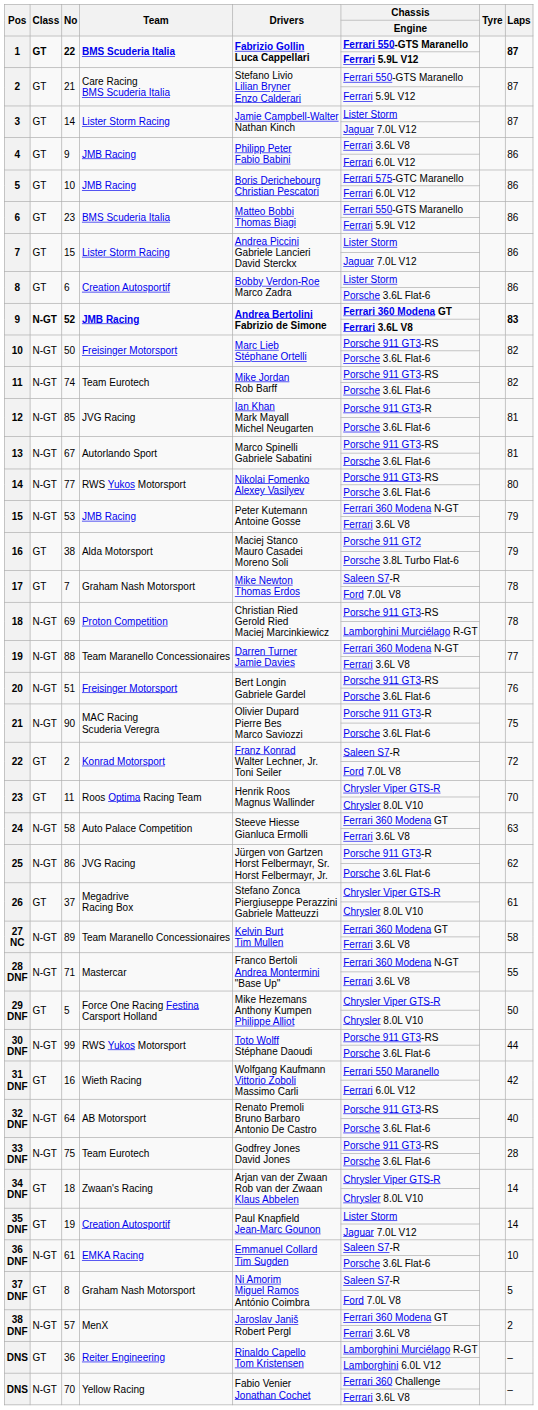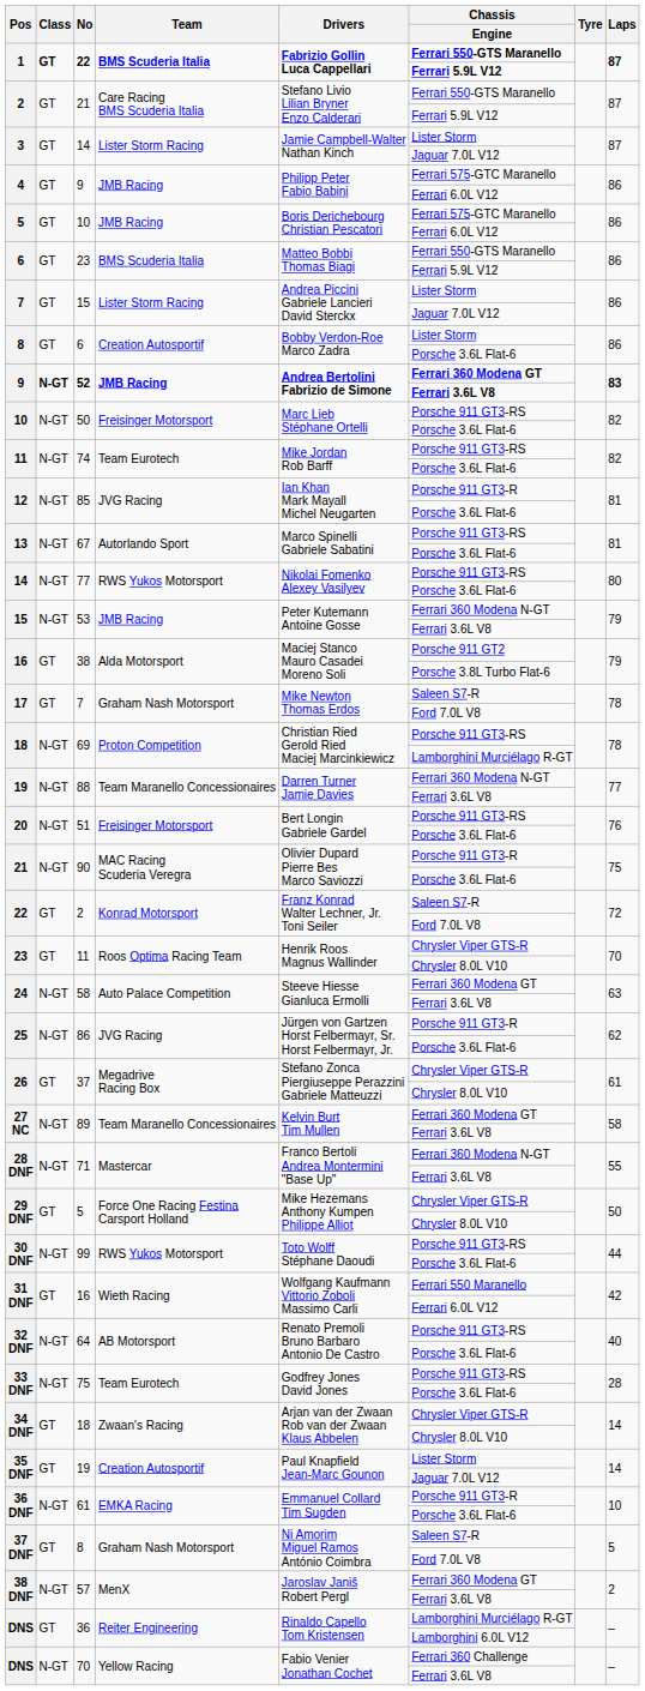 <table class="wikitable" style="font-size: 95%;">
 <tr>
 <th rowspan=2>Pos</th>
 <th rowspan=2>Class</th>
 <th rowspan=2>No</th>
 <th rowspan=2>Team</th>
 <th rowspan=2>Drivers</th>
 <th>Chassis</th>
 <th rowspan=2>Tyre</th>
 <th rowspan=2>Laps</th>
 </tr>
 <tr>
 <th>Engine</th>
 </tr>
 <tr style="font-weight:bold">
 <th rowspan=2>1</th>
 <td rowspan=2>GT</td>
 <td rowspan=2>22</td>
 <td rowspan=2> <a href='#'>BMS Scuderia Italia</a></td>
 <td rowspan=2> <a href='#'>Fabrizio Gollin</a><br> Luca Cappellari</td>
 <td><a href='#'>Ferrari 550</a>-GTS Maranello</td>
 <td rowspan=2></td>
 <td rowspan=2>87</td>
 </tr>
 <tr style="font-weight:bold">
 <td><a href='#'>Ferrari</a> 5.9L V12</td>
 </tr>
 <tr>
 <th rowspan=2>2</th>
 <td rowspan=2>GT</td>
 <td rowspan=2>21</td>
 <td rowspan=2> Care Racing<br> <a href='#'>BMS Scuderia Italia</a></td>
 <td rowspan=2> Stefano Livio<br> <a href='#'>Lilian Bryner</a><br> <a href='#'>Enzo Calderari</a></td>
 <td><a href='#'>Ferrari 550</a>-GTS Maranello</td>
 <td rowspan=2></td>
 <td rowspan=2>87</td>
 </tr>
 <tr>
 <td><a href='#'>Ferrari</a> 5.9L V12</td>
 </tr>
 <tr>
 <th rowspan=2>3</th>
 <td rowspan=2>GT</td>
 <td rowspan=2>14</td>
 <td rowspan=2> <a href='#'>Lister Storm Racing</a></td>
 <td rowspan=2> <a href='#'>Jamie Campbell-Walter</a><br> Nathan Kinch</td>
 <td><a href='#'>Lister Storm</a></td>
 <td rowspan=2></td>
 <td rowspan=2>87</td>
 </tr>
 <tr>
 <td><a href='#'>Jaguar</a> 7.0L V12</td>
 </tr>
 <tr>
 <th rowspan=2>4</th>
 <td rowspan=2>GT</td>
 <td rowspan=2>9</td>
 <td rowspan=2> <a href='#'>JMB Racing</a></td>
 <td rowspan=2> <a href='#'>Philipp Peter</a><br> <a href='#'>Fabio Babini</a></td>
-<td><a href='#'>Ferrari</a> 3.6L V8</td>
+<td><a href='#'>Ferrari 575</a>-GTC Maranello</td>
 <td rowspan=2></td>
 <td rowspan=2>86</td>
 </tr>
 <tr>
 <td><a href='#'>Ferrari</a> 6.0L V12</td>
 </tr>
 <tr>
 <th rowspan=2>5</th>
 <td rowspan=2>GT</td>
 <td rowspan=2>10</td>
 <td rowspan=2> <a href='#'>JMB Racing</a></td>
 <td rowspan=2> <a href='#'>Boris Derichebourg</a><br> <a href='#'>Christian Pescatori</a></td>
 <td><a href='#'>Ferrari 575</a>-GTC Maranello</td>
 <td rowspan=2></td>
 <td rowspan=2>86</td>
 </tr>
 <tr>
 <td><a href='#'>Ferrari</a> 6.0L V12</td>
 </tr>
 <tr>
 <th rowspan=2>6</th>
 <td rowspan=2>GT</td>
 <td rowspan=2>23</td>
 <td rowspan=2> <a href='#'>BMS Scuderia Italia</a></td>
 <td rowspan=2> <a href='#'>Matteo Bobbi</a><br> <a href='#'>Thomas Biagi</a></td>
 <td><a href='#'>Ferrari 550</a>-GTS Maranello</td>
 <td rowspan=2></td>
 <td rowspan=2>86</td>
 </tr>
 <tr>
 <td><a href='#'>Ferrari</a> 5.9L V12</td>
 </tr>
 <tr>
 <th rowspan=2>7</th>
 <td rowspan=2>GT</td>
 <td rowspan=2>15</td>
 <td rowspan=2> <a href='#'>Lister Storm Racing</a></td>
 <td rowspan=2> <a href='#'>Andrea Piccini</a><br> Gabriele Lancieri<br> David Sterckx</td>
 <td><a href='#'>Lister Storm</a></td>
 <td rowspan=2></td>
 <td rowspan=2>86</td>
 </tr>
 <tr>
 <td><a href='#'>Jaguar</a> 7.0L V12</td>
 </tr>
 <tr>
 <th rowspan=2>8</th>
 <td rowspan=2>GT</td>
 <td rowspan=2>6</td>
 <td rowspan=2> <a href='#'>Creation Autosportif</a></td>
 <td rowspan=2> <a href='#'>Bobby Verdon-Roe</a><br> Marco Zadra</td>
 <td><a href='#'>Lister Storm</a></td>
 <td rowspan=2></td>
 <td rowspan=2>86</td>
 </tr>
 <tr>
 <td><a href='#'>Porsche</a> 3.6L Flat-6</td>
 </tr>
 <tr style="font-weight:bold">
 <th rowspan=2>9</th>
 <td rowspan=2>N-GT</td>
 <td rowspan=2>52</td>
 <td rowspan=2> <a href='#'>JMB Racing</a></td>
 <td rowspan=2> <a href='#'>Andrea Bertolini</a><br> Fabrizio de Simone</td>
 <td><a href='#'>Ferrari 360 Modena</a> GT</td>
 <td rowspan=2></td>
 <td rowspan=2>83</td>
 </tr>
 <tr style="font-weight:bold">
 <td><a href='#'>Ferrari</a> 3.6L V8</td>
 </tr>
 <tr>
 <th rowspan=2>10</th>
 <td rowspan=2>N-GT</td>
 <td rowspan=2>50</td>
 <td rowspan=2> <a href='#'>Freisinger Motorsport</a></td>
 <td rowspan=2> <a href='#'>Marc Lieb</a><br> <a href='#'>Stéphane Ortelli</a></td>
 <td><a href='#'>Porsche 911 GT3</a>-RS</td>
 <td rowspan=2></td>
 <td rowspan=2>82</td>
 </tr>
 <tr>
 <td><a href='#'>Porsche</a> 3.6L Flat-6</td>
 </tr>
 <tr>
 <th rowspan=2>11</th>
 <td rowspan=2>N-GT</td>
 <td rowspan=2>74</td>
 <td rowspan=2> Team Eurotech</td>
 <td rowspan=2> <a href='#'>Mike Jordan</a><br> Rob Barff</td>
 <td><a href='#'>Porsche 911 GT3</a>-RS</td>
 <td rowspan=2></td>
 <td rowspan=2>82</td>
 </tr>
 <tr>
 <td><a href='#'>Porsche</a> 3.6L Flat-6</td>
 </tr>
 <tr>
 <th rowspan=2>12</th>
 <td rowspan=2>N-GT</td>
 <td rowspan=2>85</td>
 <td rowspan=2> JVG Racing</td>
 <td rowspan=2> <a href='#'>Ian Khan</a><br> Mark Mayall<br> Michel Neugarten</td>
 <td><a href='#'>Porsche 911 GT3</a>-R</td>
 <td rowspan=2></td>
 <td rowspan=2>81</td>
 </tr>
 <tr>
 <td><a href='#'>Porsche</a> 3.6L Flat-6</td>
 </tr>
 <tr>
 <th rowspan=2>13</th>
 <td rowspan=2>N-GT</td>
 <td rowspan=2>67</td>
 <td rowspan=2> Autorlando Sport</td>
 <td rowspan=2> Marco Spinelli<br> Gabriele Sabatini</td>
 <td><a href='#'>Porsche 911 GT3</a>-RS</td>
 <td rowspan=2></td>
 <td rowspan=2>81</td>
 </tr>
 <tr>
 <td><a href='#'>Porsche</a> 3.6L Flat-6</td>
 </tr>
 <tr>
 <th rowspan=2>14</th>
 <td rowspan=2>N-GT</td>
 <td rowspan=2>77</td>
 <td rowspan=2> RWS <a href='#'>Yukos</a> Motorsport</td>
 <td rowspan=2> <a href='#'>Nikolai Fomenko</a><br> <a href='#'>Alexey Vasilyev</a></td>
 <td><a href='#'>Porsche 911 GT3</a>-RS</td>
 <td rowspan=2></td>
 <td rowspan=2>80</td>
 </tr>
 <tr>
 <td><a href='#'>Porsche</a> 3.6L Flat-6</td>
 </tr>
 <tr>
 <th rowspan=2>15</th>
 <td rowspan=2>N-GT</td>
 <td rowspan=2>53</td>
 <td rowspan=2> <a href='#'>JMB Racing</a></td>
 <td rowspan=2> Peter Kutemann<br> Antoine Gosse</td>
 <td><a href='#'>Ferrari 360 Modena</a> N-GT</td>
 <td rowspan=2></td>
 <td rowspan=2>79</td>
 </tr>
 <tr>
 <td><a href='#'>Ferrari</a> 3.6L V8</td>
 </tr>
 <tr>
 <th rowspan=2>16</th>
 <td rowspan=2>GT</td>
 <td rowspan=2>38</td>
 <td rowspan=2> Alda Motorsport</td>
 <td rowspan=2> Maciej Stanco<br> Mauro Casadei<br> Moreno Soli</td>
 <td><a href='#'>Porsche 911 GT2</a></td>
 <td rowspan=2></td>
 <td rowspan=2>79</td>
 </tr>
 <tr>
 <td><a href='#'>Porsche</a> 3.8L Turbo Flat-6</td>
 </tr>
 <tr>
 <th rowspan=2>17</th>
 <td rowspan=2>GT</td>
 <td rowspan=2>7</td>
 <td rowspan=2> Graham Nash Motorsport</td>
 <td rowspan=2> <a href='#'>Mike Newton</a><br> <a href='#'>Thomas Erdos</a></td>
 <td><a href='#'>Saleen S7</a>-R</td>
 <td rowspan=2></td>
 <td rowspan=2>78</td>
 </tr>
 <tr>
 <td><a href='#'>Ford</a> 7.0L V8</td>
 </tr>
 <tr>
 <th rowspan=2>18</th>
 <td rowspan=2>N-GT</td>
 <td rowspan=2>69</td>
 <td rowspan=2> <a href='#'>Proton Competition</a></td>
 <td rowspan=2> Christian Ried<br> Gerold Ried<br> Maciej Marcinkiewicz</td>
 <td><a href='#'>Porsche 911 GT3</a>-RS</td>
 <td rowspan=2></td>
 <td rowspan=2>78</td>
 </tr>
 <tr>
 <td><a href='#'>Lamborghini Murciélago</a> R-GT</td>
 </tr>
 <tr>
 <th rowspan=2>19</th>
 <td rowspan=2>N-GT</td>
 <td rowspan=2>88</td>
 <td rowspan=2> Team Maranello Concessionaires</td>
 <td rowspan=2> <a href='#'>Darren Turner</a><br> <a href='#'>Jamie Davies</a></td>
 <td><a href='#'>Ferrari 360 Modena</a> N-GT</td>
 <td rowspan=2></td>
 <td rowspan=2>77</td>
 </tr>
 <tr>
 <td><a href='#'>Ferrari</a> 3.6L V8</td>
 </tr>
 <tr>
 <th rowspan=2>20</th>
 <td rowspan=2>N-GT</td>
 <td rowspan=2>51</td>
 <td rowspan=2> <a href='#'>Freisinger Motorsport</a></td>
 <td rowspan=2> Bert Longin<br> Gabriele Gardel</td>
 <td><a href='#'>Porsche 911 GT3</a>-RS</td>
 <td rowspan=2></td>
 <td rowspan=2>76</td>
 </tr>
 <tr>
 <td><a href='#'>Porsche</a> 3.6L Flat-6</td>
 </tr>
 <tr>
 <th rowspan=2>21</th>
 <td rowspan=2>N-GT</td>
 <td rowspan=2>90</td>
 <td rowspan=2> MAC Racing<br> Scuderia Veregra</td>
 <td rowspan=2> Olivier Dupard<br> Pierre Bes<br> Marco Saviozzi</td>
 <td><a href='#'>Porsche 911 GT3</a>-R</td>
 <td rowspan=2></td>
 <td rowspan=2>75</td>
 </tr>
 <tr>
 <td><a href='#'>Porsche</a> 3.6L Flat-6</td>
 </tr>
 <tr>
 <th rowspan=2>22</th>
 <td rowspan=2>GT</td>
 <td rowspan=2>2</td>
 <td rowspan=2> <a href='#'>Konrad Motorsport</a></td>
 <td rowspan=2> <a href='#'>Franz Konrad</a><br> Walter Lechner, Jr.<br> Toni Seiler</td>
 <td><a href='#'>Saleen S7</a>-R</td>
 <td rowspan=2></td>
 <td rowspan=2>72</td>
 </tr>
 <tr>
 <td><a href='#'>Ford</a> 7.0L V8</td>
 </tr>
 <tr>
 <th rowspan=2>23</th>
 <td rowspan=2>GT</td>
 <td rowspan=2>11</td>
 <td rowspan=2> Roos <a href='#'>Optima</a> Racing Team</td>
 <td rowspan=2> Henrik Roos<br> Magnus Wallinder</td>
 <td><a href='#'>Chrysler Viper GTS-R</a></td>
 <td rowspan=2></td>
 <td rowspan=2>70</td>
 </tr>
 <tr>
 <td><a href='#'>Chrysler</a> 8.0L V10</td>
 </tr>
 <tr>
 <th rowspan=2>24</th>
 <td rowspan=2>N-GT</td>
 <td rowspan=2>58</td>
 <td rowspan=2> Auto Palace Competition</td>
 <td rowspan=2> Steeve Hiesse<br> Gianluca Ermolli</td>
 <td><a href='#'>Ferrari 360 Modena</a> GT</td>
 <td rowspan=2></td>
 <td rowspan=2>63</td>
 </tr>
 <tr>
 <td><a href='#'>Ferrari</a> 3.6L V8</td>
 </tr>
 <tr>
 <th rowspan=2>25</th>
 <td rowspan=2>N-GT</td>
 <td rowspan=2>86</td>
 <td rowspan=2> JVG Racing</td>
 <td rowspan=2> Jürgen von Gartzen<br> Horst Felbermayr, Sr.<br> Horst Felbermayr, Jr.</td>
 <td><a href='#'>Porsche 911 GT3</a>-R</td>
 <td rowspan=2></td>
 <td rowspan=2>62</td>
 </tr>
 <tr>
 <td><a href='#'>Porsche</a> 3.6L Flat-6</td>
 </tr>
 <tr>
 <th rowspan=2>26</th>
 <td rowspan=2>GT</td>
 <td rowspan=2>37</td>
 <td rowspan=2> Megadrive<br> Racing Box</td>
 <td rowspan=2> Stefano Zonca<br> Piergiuseppe Perazzini<br> Gabriele Matteuzzi</td>
 <td><a href='#'>Chrysler Viper GTS-R</a></td>
 <td rowspan=2></td>
 <td rowspan=2>61</td>
 </tr>
 <tr>
 <td><a href='#'>Chrysler</a> 8.0L V10</td>
 </tr>
 <tr>
 <th rowspan=2>27<br>NC</th>
 <td rowspan=2>N-GT</td>
 <td rowspan=2>89</td>
 <td rowspan=2> Team Maranello Concessionaires</td>
 <td rowspan=2> <a href='#'>Kelvin Burt</a><br> <a href='#'>Tim Mullen</a></td>
 <td><a href='#'>Ferrari 360 Modena</a> GT</td>
 <td rowspan=2></td>
 <td rowspan=2>58</td>
 </tr>
 <tr>
 <td><a href='#'>Ferrari</a> 3.6L V8</td>
 </tr>
 <tr>
 <th rowspan=2>28<br>DNF</th>
 <td rowspan=2>N-GT</td>
 <td rowspan=2>71</td>
 <td rowspan=2> Mastercar</td>
 <td rowspan=2> Franco Bertoli<br> <a href='#'>Andrea Montermini</a><br> "Base Up"</td>
 <td><a href='#'>Ferrari 360 Modena</a> N-GT</td>
 <td rowspan=2></td>
 <td rowspan=2>55</td>
 </tr>
 <tr>
 <td><a href='#'>Ferrari</a> 3.6L V8</td>
 </tr>
 <tr>
 <th rowspan=2>29<br>DNF</th>
 <td rowspan=2>GT</td>
 <td rowspan=2>5</td>
 <td rowspan=2> Force One Racing <a href='#'>Festina</a><br> Carsport Holland</td>
 <td rowspan=2> Mike Hezemans<br> Anthony Kumpen<br> <a href='#'>Philippe Alliot</a></td>
 <td><a href='#'>Chrysler Viper GTS-R</a></td>
 <td rowspan=2></td>
 <td rowspan=2>50</td>
 </tr>
 <tr>
 <td><a href='#'>Chrysler</a> 8.0L V10</td>
 </tr>
 <tr>
 <th rowspan=2>30<br>DNF</th>
 <td rowspan=2>N-GT</td>
 <td rowspan=2>99</td>
 <td rowspan=2> RWS <a href='#'>Yukos</a> Motorsport</td>
 <td rowspan=2> <a href='#'>Toto Wolff</a><br> Stéphane Daoudi</td>
 <td><a href='#'>Porsche 911 GT3</a>-RS</td>
 <td rowspan=2></td>
 <td rowspan=2>44</td>
 </tr>
 <tr>
 <td><a href='#'>Porsche</a> 3.6L Flat-6</td>
 </tr>
 <tr>
 <th rowspan=2>31<br>DNF</th>
 <td rowspan=2>GT</td>
 <td rowspan=2>16</td>
 <td rowspan=2> Wieth Racing</td>
 <td rowspan=2> Wolfgang Kaufmann<br> <a href='#'>Vittorio Zoboli</a><br> Massimo Carli</td>
 <td><a href='#'>Ferrari 550 Maranello</a></td>
 <td rowspan=2></td>
 <td rowspan=2>42</td>
 </tr>
 <tr>
 <td><a href='#'>Ferrari</a> 6.0L V12</td>
 </tr>
 <tr>
 <th rowspan=2>32<br>DNF</th>
 <td rowspan=2>N-GT</td>
 <td rowspan=2>64</td>
 <td rowspan=2> AB Motorsport</td>
 <td rowspan=2> Renato Premoli<br> Bruno Barbaro<br> Antonio De Castro</td>
 <td><a href='#'>Porsche 911 GT3</a>-RS</td>
 <td rowspan=2></td>
 <td rowspan=2>40</td>
 </tr>
 <tr>
 <td><a href='#'>Porsche</a> 3.6L Flat-6</td>
 </tr>
 <tr>
 <th rowspan=2>33<br>DNF</th>
 <td rowspan=2>N-GT</td>
 <td rowspan=2>75</td>
 <td rowspan=2> Team Eurotech</td>
 <td rowspan=2> Godfrey Jones<br> David Jones</td>
 <td><a href='#'>Porsche 911 GT3</a>-RS</td>
 <td rowspan=2></td>
 <td rowspan=2>28</td>
 </tr>
 <tr>
 <td><a href='#'>Porsche</a> 3.6L Flat-6</td>
 </tr>
 <tr>
 <th rowspan=2>34<br>DNF</th>
 <td rowspan=2>GT</td>
 <td rowspan=2>18</td>
 <td rowspan=2> Zwaan's Racing</td>
 <td rowspan=2> Arjan van der Zwaan<br> Rob van der Zwaan<br> <a href='#'>Klaus Abbelen</a></td>
 <td><a href='#'>Chrysler Viper GTS-R</a></td>
 <td rowspan=2></td>
 <td rowspan=2>14</td>
 </tr>
 <tr>
 <td><a href='#'>Chrysler</a> 8.0L V10</td>
 </tr>
 <tr>
 <th rowspan=2>35<br>DNF</th>
 <td rowspan=2>GT</td>
 <td rowspan=2>19</td>
 <td rowspan=2> <a href='#'>Creation Autosportif</a></td>
 <td rowspan=2> Paul Knapfield<br> <a href='#'>Jean-Marc Gounon</a></td>
 <td><a href='#'>Lister Storm</a></td>
 <td rowspan=2></td>
 <td rowspan=2>14</td>
 </tr>
 <tr>
 <td><a href='#'>Jaguar</a> 7.0L V12</td>
 </tr>
 <tr>
 <th rowspan=2>36<br>DNF</th>
 <td rowspan=2>N-GT</td>
 <td rowspan=2>61</td>
 <td rowspan=2> <a href='#'>EMKA Racing</a></td>
 <td rowspan=2> <a href='#'>Emmanuel Collard</a><br> <a href='#'>Tim Sugden</a></td>
-<td><a href='#'>Saleen S7</a>-R</td>
+<td><a href='#'>Porsche 911 GT3</a>-R</td>
 <td rowspan=2></td>
 <td rowspan=2>10</td>
 </tr>
 <tr>
 <td><a href='#'>Porsche</a> 3.6L Flat-6</td>
 </tr>
 <tr>
 <th rowspan=2>37<br>DNF</th>
 <td rowspan=2>GT</td>
 <td rowspan=2>8</td>
 <td rowspan=2> Graham Nash Motorsport</td>
 <td rowspan=2> <a href='#'>Ni Amorim</a><br> <a href='#'>Miguel Ramos</a><br> António Coimbra</td>
 <td><a href='#'>Saleen S7</a>-R</td>
 <td rowspan=2></td>
 <td rowspan=2>5</td>
 </tr>
 <tr>
 <td><a href='#'>Ford</a> 7.0L V8</td>
 </tr>
 <tr>
 <th rowspan=2>38<br>DNF</th>
 <td rowspan=2>N-GT</td>
 <td rowspan=2>57</td>
 <td rowspan=2> MenX</td>
 <td rowspan=2> <a href='#'>Jaroslav Janiš</a><br> Robert Pergl</td>
 <td><a href='#'>Ferrari 360 Modena</a> GT</td>
 <td rowspan=2></td>
 <td rowspan=2>2</td>
 </tr>
 <tr>
 <td><a href='#'>Ferrari</a> 3.6L V8</td>
 </tr>
 <tr>
 <th rowspan=2>DNS</th>
 <td rowspan=2>GT</td>
 <td rowspan=2>36</td>
 <td rowspan=2> <a href='#'>Reiter Engineering</a></td>
 <td rowspan=2> <a href='#'>Rinaldo Capello</a><br> <a href='#'>Tom Kristensen</a></td>
 <td><a href='#'>Lamborghini Murciélago</a> R-GT</td>
 <td rowspan=2></td>
 <td rowspan=2>–</td>
 </tr>
 <tr>
 <td><a href='#'>Lamborghini</a> 6.0L V12</td>
 </tr>
 <tr>
 <th rowspan=2>DNS</th>
 <td rowspan=2>N-GT</td>
 <td rowspan=2>70</td>
 <td rowspan=2> Yellow Racing</td>
 <td rowspan=2> Fabio Venier<br> <a href='#'>Jonathan Cochet</a></td>
 <td><a href='#'>Ferrari 360</a> Challenge</td>
 <td rowspan=2></td>
 <td rowspan=2>–</td>
 </tr>
 <tr>
 <td><a href='#'>Ferrari</a> 3.6L V8</td>
 </tr>
 </table>
